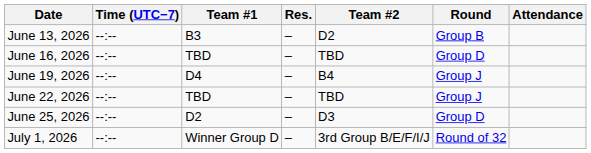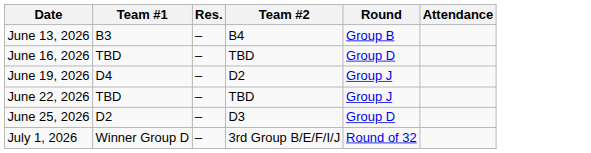 <table class="wikitable sortable">
 <tr>
 <th style="text-align:center;">Date</th>
-<th style="text-align:center;">Time (<a href='#'>UTC−7</a>)</th>
 <th style="text-align:center;">Team #1</th>
 <th style="text-align:center;">Res.</th>
 <th style="text-align:center;">Team #2</th>
 <th style="text-align:center;">Round</th>
 <th>Attendance</th>
 </tr>
 <tr>
 <td>June 13, 2026</td>
-<td>--:--</td>
 <td>B3</td>
 <td>–</td>
-<td>D2</td>
+<td>B4</td>
 <td><a href='#'>Group B</a></td>
 <td></td>
 </tr>
 <tr>
 <td>June 16, 2026</td>
-<td>--:--</td>
 <td>TBD</td>
 <td>–</td>
 <td>TBD</td>
 <td><a href='#'>Group D</a></td>
 <td></td>
 </tr>
 <tr>
 <td>June 19, 2026</td>
-<td>--:--</td>
 <td>D4</td>
 <td>–</td>
-<td>B4</td>
+<td>D2</td>
 <td><a href='#'>Group J</a></td>
 <td></td>
 </tr>
 <tr>
 <td>June 22, 2026</td>
-<td>--:--</td>
 <td>TBD</td>
 <td>–</td>
 <td>TBD</td>
 <td><a href='#'>Group J</a></td>
 <td></td>
 </tr>
 <tr>
 <td>June 25, 2026</td>
-<td>--:--</td>
 <td>D2</td>
 <td>–</td>
 <td>D3</td>
 <td><a href='#'>Group D</a></td>
 <td></td>
 </tr>
 <tr>
 <td>July 1, 2026</td>
-<td>--:--</td>
 <td>Winner Group D</td>
 <td>–</td>
 <td>3rd Group B/E/F/I/J</td>
 <td><a href='#'>Round of 32</a></td>
 <td></td>
 </tr>
 </table>
